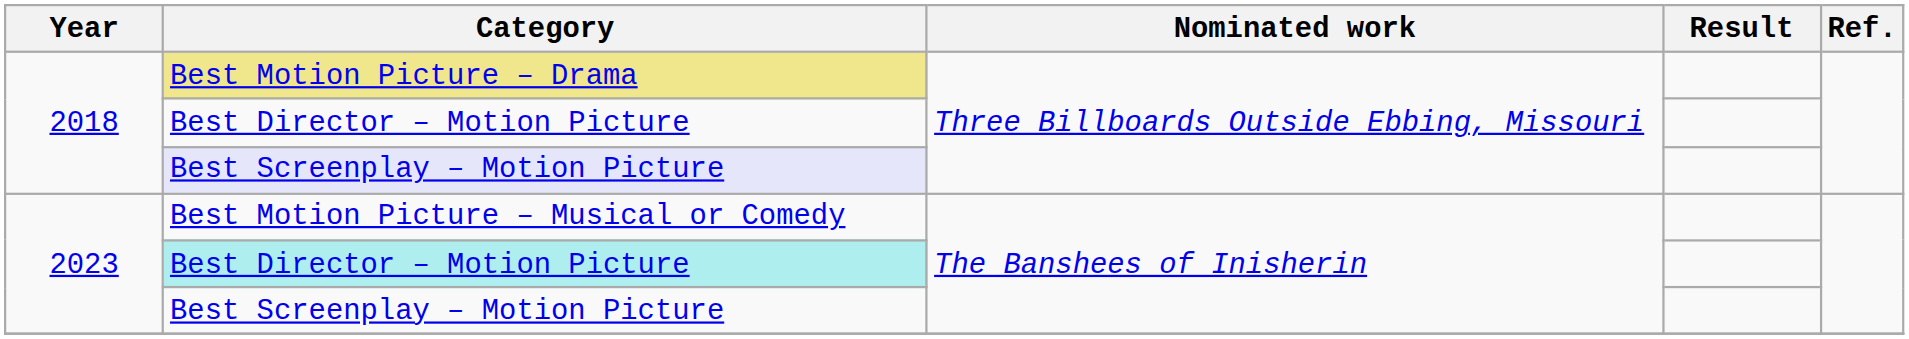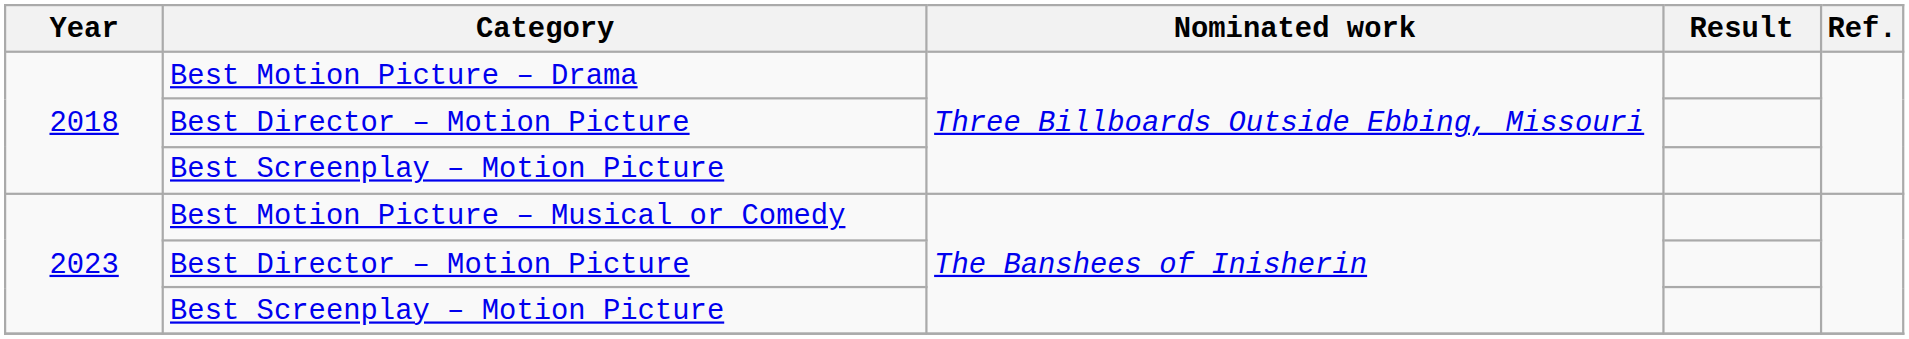 <table class=wikitable>
 <tr>
 <th scope="col" style="width:5em;">Year</th>
 <th scope="col" style="width:26em;">Category</th>
 <th scope="col" style="width:25em;">Nominated work</th>
 <th scope="col" style="width:5em;">Result</th>
 <th>Ref.</th>
 </tr>
 <tr>
 <td style="text-align:center;", rowspan="3"><a href='#'>2018</a></td>
-<td style="background: khaki;"><a href='#'>Best Motion Picture – Drama</a></td>
+<td><a href='#'>Best Motion Picture – Drama</a></td>
 <td rowspan="3"><em><a href='#'>Three Billboards Outside Ebbing, Missouri</a></em></td>
 <td></td>
 <td style="text-align:center;", rowspan="3"></td>
 </tr>
 <tr>
 <td><a href='#'>Best Director – Motion Picture</a></td>
 <td></td>
 </tr>
 <tr>
-<td style="background: lavender;"><a href='#'>Best Screenplay – Motion Picture</a></td>
+<td><a href='#'>Best Screenplay – Motion Picture</a></td>
 <td></td>
 </tr>
 <tr>
 <td style="text-align:center;", rowspan="3"><a href='#'>2023</a></td>
 <td><a href='#'>Best Motion Picture – Musical or Comedy</a></td>
 <td rowspan="3"><em><a href='#'>The Banshees of Inisherin</a></em></td>
 <td></td>
 <td style="text-align:center;", rowspan="3"></td>
 </tr>
 <tr>
-<td style="background: paleturquoise;"><a href='#'>Best Director – Motion Picture</a></td>
+<td><a href='#'>Best Director – Motion Picture</a></td>
 <td></td>
 </tr>
 <tr>
 <td><a href='#'>Best Screenplay – Motion Picture</a></td>
 <td></td>
 </tr>
 <tr>
 </tr>
 </table>
